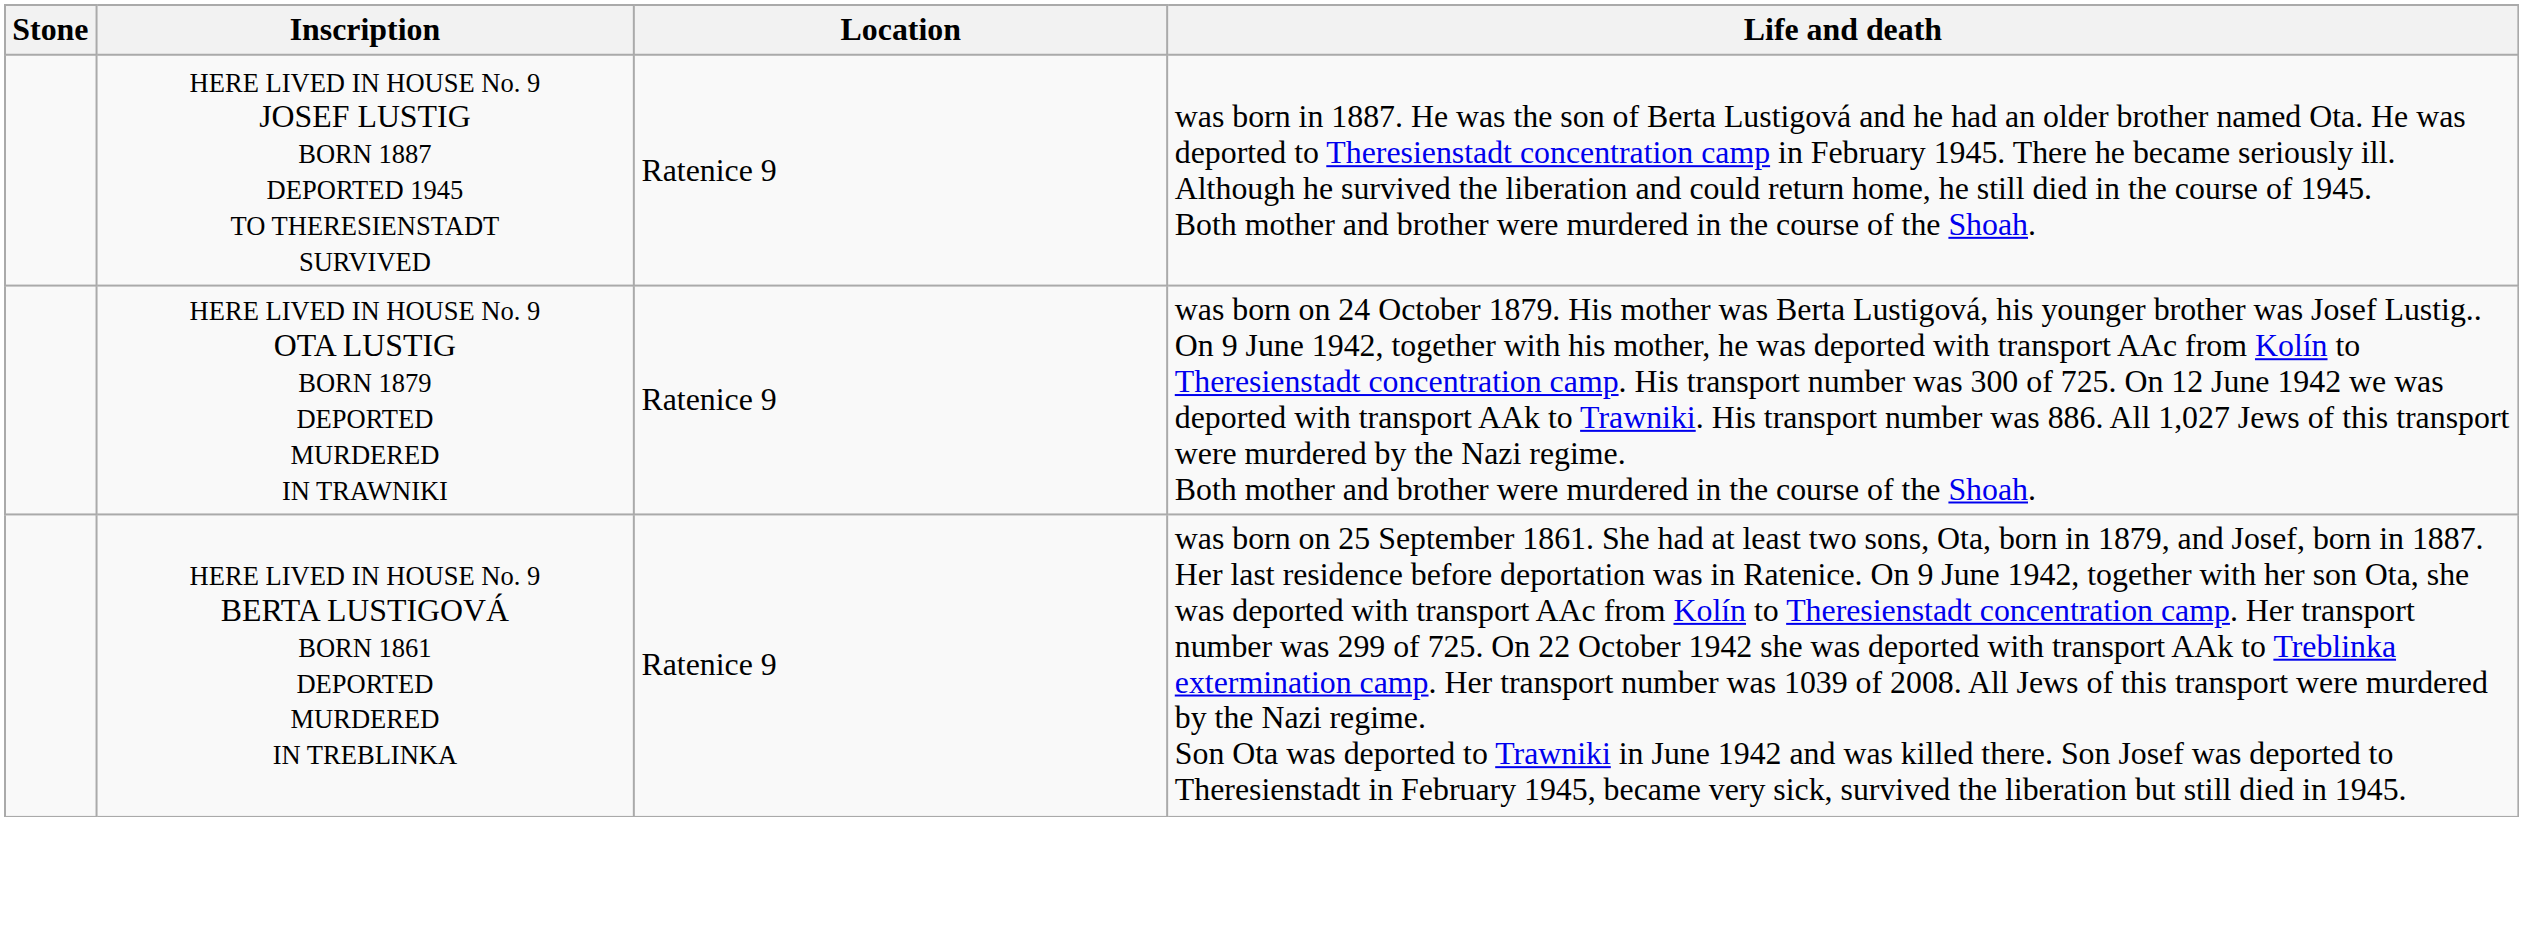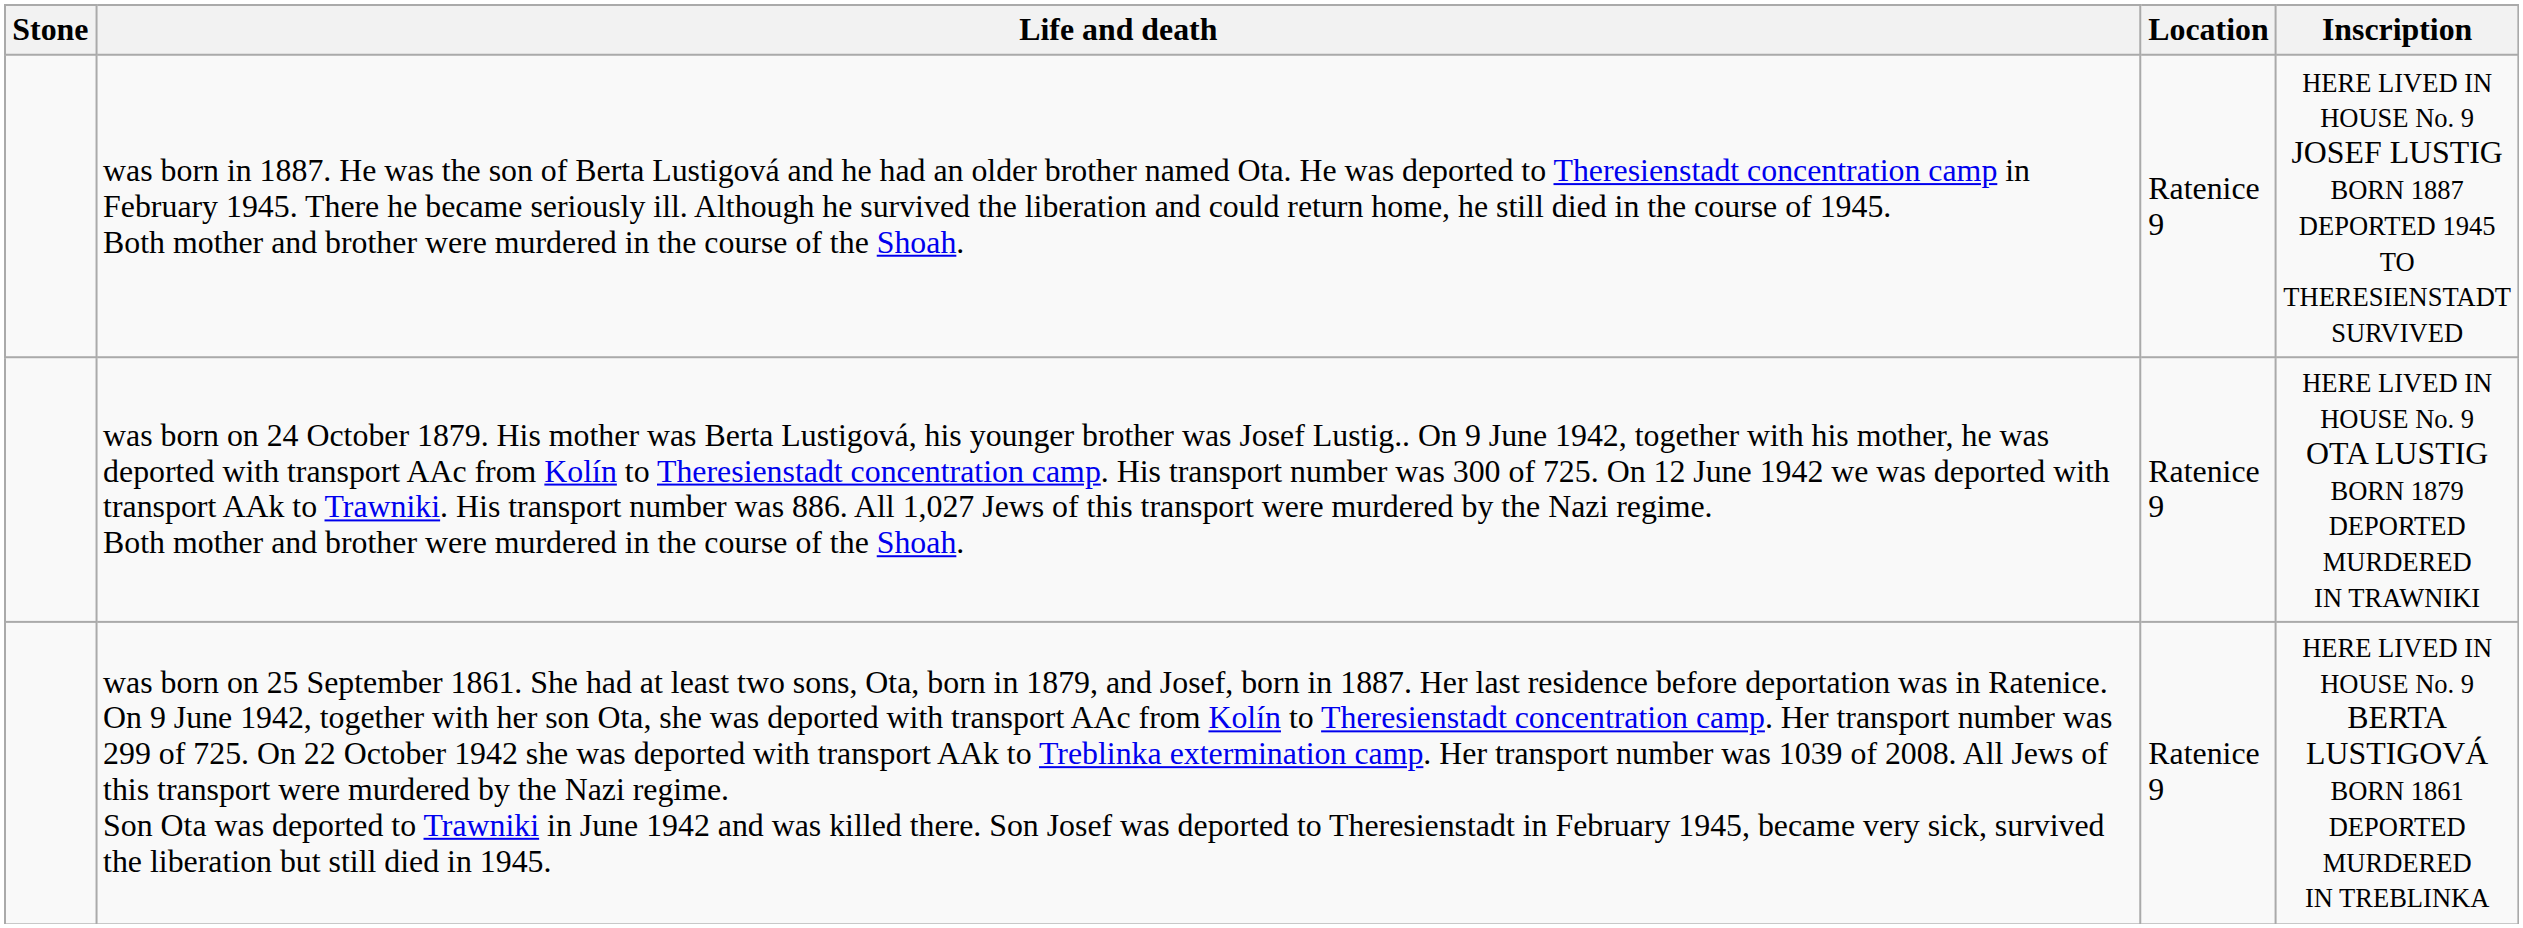 <table class="wikitable sortable toptextcells" style="width:100%">
 <tr>
 <th class="hintergrundfarbe6 unsortable" width="120px">Stone</th>
+<th class="hintergrundfarbe6" style="width:100%;">Life and death</th>
+<th class="hintergrundfarbe6" data-sort-type="text" style ="width:22%;">Location</th>
 <th class="hintergrundfarbe6 unsortable" style ="width:22%;">Inscription</th>
-<th class="hintergrundfarbe6" data-sort-type="text" style ="width:22%;">Location</th>
-<th class="hintergrundfarbe6" style="width:100%;">Life and death</th>
 </tr>
 <tr>
 <td></td>
+<td><strong></strong> was born in 1887. He was the son of Berta Lustigová and he had an older brother named Ota. He was deported to <a href='#'>Theresienstadt concentration camp</a> in February 1945. There he became seriously ill. Although he survived the liberation and could return home, he still died in the course of 1945.<br>Both mother and brother were murdered in the course of the <a href='#'>Shoah</a>.</td>
+<td>Ratenice 9 <br></td>
 <td style="text-align:center"><div><small>HERE LIVED IN HOUSE No. 9</small><br>JOSEF LUSTIG<br><small>BORN 1887<br>DEPORTED 1945<br>TO THERESIENSTADT<br>SURVIVED</small></div></td>
-<td>Ratenice 9 <br></td>
-<td><strong></strong> was born in 1887. He was the son of Berta Lustigová and he had an older brother named Ota. He was deported to <a href='#'>Theresienstadt concentration camp</a> in February 1945. There he became seriously ill. Although he survived the liberation and could return home, he still died in the course of 1945.<br>Both mother and brother were murdered in the course of the <a href='#'>Shoah</a>.</td>
 </tr>
 <tr>
 <td></td>
+<td><strong></strong> was born on 24 October 1879. His mother was Berta Lustigová, his younger brother was Josef Lustig.. On 9 June 1942, together with his mother, he was deported with transport AAc from <a href='#'>Kolín</a> to <a href='#'>Theresienstadt concentration camp</a>. His transport number was 300 of 725. On 12 June 1942 we was deported with transport AAk to <a href='#'>Trawniki</a>. His transport number was 886. All 1,027 Jews of this transport were murdered by the Nazi regime.<br>Both mother and brother were murdered in the course of the <a href='#'>Shoah</a>.</td>
+<td>Ratenice 9 <br></td>
 <td style="text-align:center"><div><small>HERE LIVED IN HOUSE No. 9</small><br>OTA LUSTIG<br><small>BORN 1879<br>DEPORTED<br>MURDERED<br>IN TRAWNIKI</small></div></td>
-<td>Ratenice 9 <br></td>
-<td><strong></strong> was born on 24 October 1879. His mother was Berta Lustigová, his younger brother was Josef Lustig.. On 9 June 1942, together with his mother, he was deported with transport AAc from <a href='#'>Kolín</a> to <a href='#'>Theresienstadt concentration camp</a>. His transport number was 300 of 725. On 12 June 1942 we was deported with transport AAk to <a href='#'>Trawniki</a>. His transport number was 886. All 1,027 Jews of this transport were murdered by the Nazi regime.<br>Both mother and brother were murdered in the course of the <a href='#'>Shoah</a>.</td>
 </tr>
 <tr>
 <td></td>
+<td><strong></strong> was born on 25 September 1861. She had at least two sons, Ota, born in 1879, and Josef, born in 1887. Her last residence before deportation was in Ratenice. On 9 June 1942, together with her son Ota, she was deported with transport AAc from <a href='#'>Kolín</a> to <a href='#'>Theresienstadt concentration camp</a>. Her transport number was 299 of 725. On 22 October 1942 she was deported with transport AAk to <a href='#'>Treblinka extermination camp</a>. Her transport number was 1039 of 2008. All Jews of this transport were murdered by the Nazi regime.<br>Son Ota was deported to <a href='#'>Trawniki</a> in June 1942 and was killed there. Son Josef was deported to Theresienstadt in February 1945, became very sick, survived the liberation but still died in 1945.</td>
+<td>Ratenice 9 <br></td>
 <td style="text-align:center"><div><small>HERE LIVED IN HOUSE No. 9</small><br>BERTA LUSTIGOVÁ<br><small>BORN 1861<br>DEPORTED<br>MURDERED<br>IN TREBLINKA</small></div></td>
-<td>Ratenice 9 <br></td>
-<td><strong></strong> was born on 25 September 1861. She had at least two sons, Ota, born in 1879, and Josef, born in 1887. Her last residence before deportation was in Ratenice. On 9 June 1942, together with her son Ota, she was deported with transport AAc from <a href='#'>Kolín</a> to <a href='#'>Theresienstadt concentration camp</a>. Her transport number was 299 of 725. On 22 October 1942 she was deported with transport AAk to <a href='#'>Treblinka extermination camp</a>. Her transport number was 1039 of 2008. All Jews of this transport were murdered by the Nazi regime.<br>Son Ota was deported to <a href='#'>Trawniki</a> in June 1942 and was killed there. Son Josef was deported to Theresienstadt in February 1945, became very sick, survived the liberation but still died in 1945.</td>
 </tr>
 </table>
